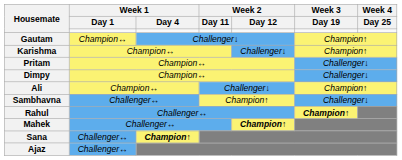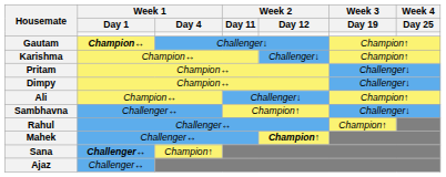 <table class="wikitable" style="text-align:center; width:100%; font-size:85%; font-family: sans-serif; line-height:13px;">
 <tr>
 <th rowspan="3" style="width: 5%;">Housemate</th>
 <th colspan="2" style="width: 5%;">Week 1</th>
 <th colspan="2" style="width: 5%;">Week 2</th>
 <th style="width: 5%;">Week 3</th>
 <th style="width: 5%;">Week 4</th>
 </tr>
 <tr>
 <th style="width: 5%;">Day 1</th>
 <th style="width: 5%;">Day 4</th>
 <th style="width: 5%;">Day 11</th>
 <th style="width: 5%;">Day 12</th>
 <th style="width: 5%;">Day 19</th>
 <th style="width: 5%;">Day 25</th>
 </tr>
 <tr>
 <td></td>
 <td></td>
 <td></td>
 <td></td>
 <td></td>
 <td></td>
 </tr>
 <tr>
 <th>Gautam</th>
-<td style="background:#FBF373;"><em>Champion</em>↔</td>
+<td style="background:#FBF373;"><strong><em>Champion</em>↔</strong></td>
 <td colspan=3 style="background:#5DADEC;"><em>Challenger</em>↓</td>
 <td colspan=2 style="background:#FBF373;"><em>Champion</em>↑</td>
 </tr>
 <tr>
 <th>Karishma</th>
 <td colspan=3 style="background:#FBF373;"><em>Champion</em>↔</td>
 <td colspan=1 style="background:#5DADEC;"><em>Challenger</em>↓</td>
 <td colspan=2 style="background:#FBF373;"><em>Champion</em>↑</td>
 </tr>
 <tr>
 <th>Pritam</th>
 <td colspan=4 style="background:#FBF373;"><em>Champion</em>↔</td>
 <td colspan=2 style="background:#5DADEC;"><em>Challenger</em>↓</td>
 </tr>
 <tr>
 <th>Dimpy</th>
 <td colspan=4 style="background:#FBF373;"><em>Champion</em>↔</td>
 <td colspan=2 style="background:#5DADEC;"><em>Challenger</em>↓</td>
 </tr>
 <tr>
 <th>Ali</th>
 <td colspan=2 style="background:#FBF373;"><em>Champion</em>↔</td>
 <td colspan=2 style="background:#5DADEC;"><em>Challenger</em>↓</td>
 <td colspan=2 style="background:#FBF373;"><em>Champion</em>↑</td>
 </tr>
 <tr>
 <th>Sambhavna</th>
 <td colspan=2 style="background:#5DADEC;"><em>Challenger</em>↔</td>
 <td colspan=2 style="background:#FBF373;"><em>Champion</em>↑</td>
 <td colspan=2 style="background:#5DADEC;"><em>Challenger</em>↓</td>
 </tr>
 <tr>
 <th>Rahul</th>
 <td colspan=4 style="background:#5DADEC;"><em>Challenger</em>↔</td>
-<td colspan=1 style="background:#FBF373;"><strong><em>Champion</em>↑</strong></td>
+<td colspan=1 style="background:#FBF373;"><em>Champion</em>↑</td>
 <td style="background:grey; text-align:center;"></td>
 </tr>
 <tr>
 <th>Mahek</th>
 <td colspan=3 style="background:#5DADEC;"><em>Challenger</em>↔</td>
 <td colspan=1 style="background:#FBF373;"><strong><em>Champion</em>↑</strong></td>
 <td colspan="2" style="background:grey; text-align:center;"></td>
 </tr>
 <tr>
 <th>Sana</th>
-<td style="background:#5DADEC;"><em>Challenger</em>↔</td>
-<td colspan=1 style="background:#FBF373;"><strong><em>Champion</em>↑</strong></td>
+<td style="background:#5DADEC;"><strong><em>Challenger</em>↔</strong></td>
+<td colspan=1 style="background:#FBF373;"><em>Champion</em>↑</td>
 <td colspan="4" style="background:grey; text-align:center;"></td>
 </tr>
 <tr>
 <th>Ajaz</th>
 <td colspan=1 style="background:#5DADEC;"><em>Challenger</em>↔</td>
 <td colspan="5" style="background:grey; text-align:center;"></td>
 </tr>
 </table>
